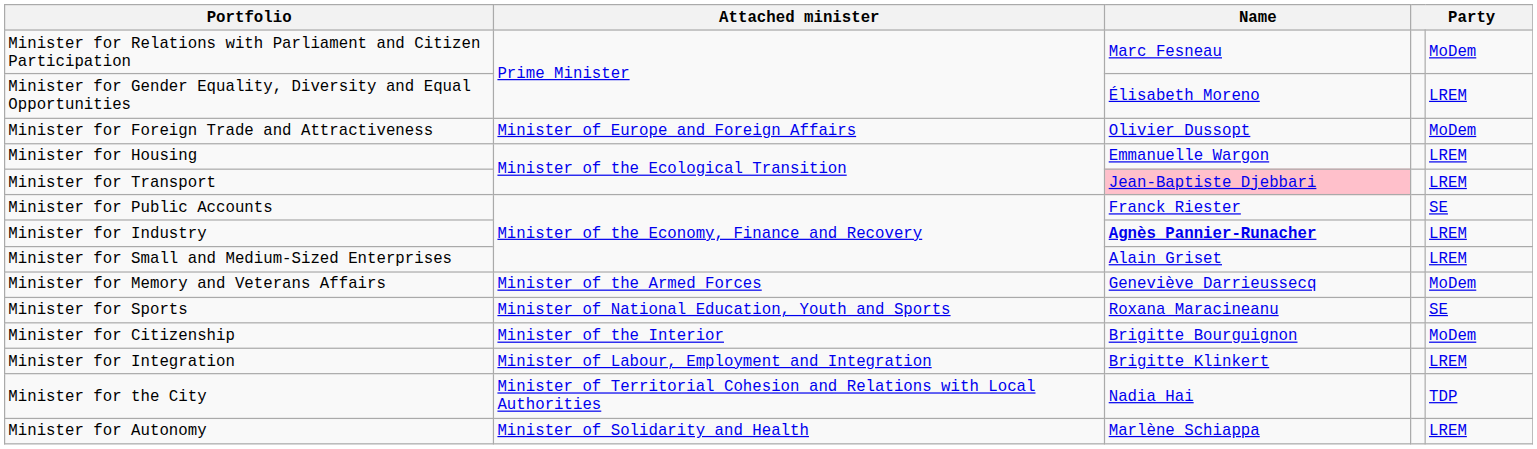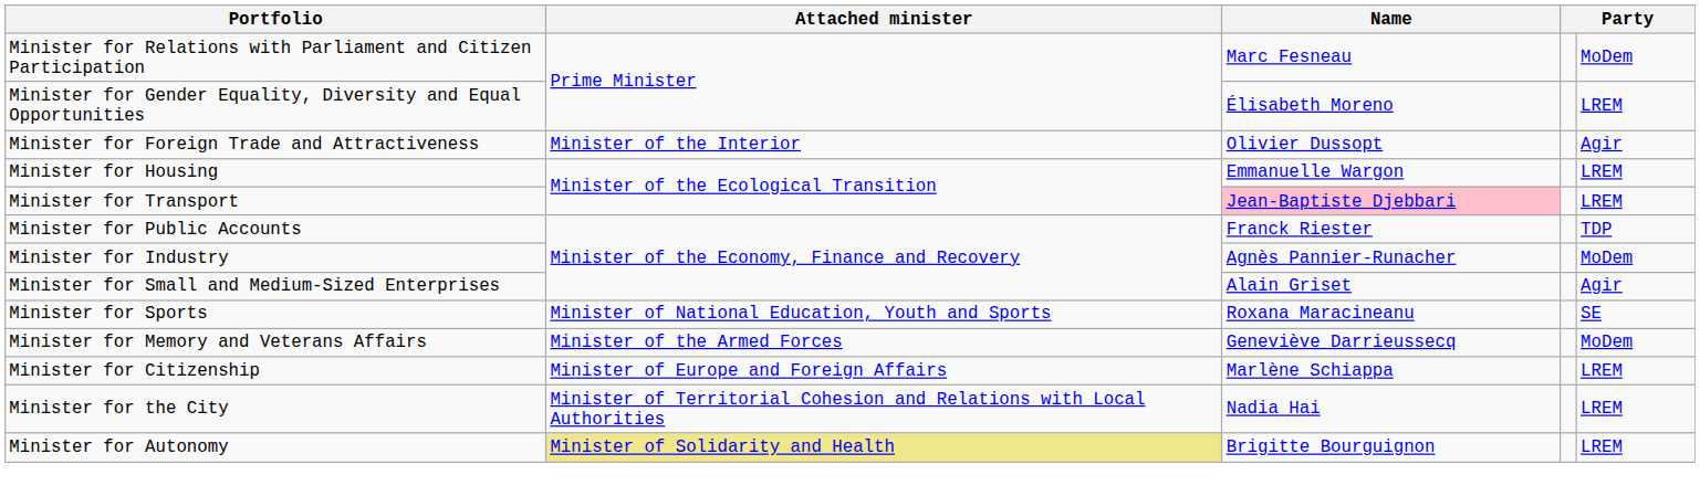 <table class="wikitable" style="width:100%">
 <tr>
 <th>Portfolio</th>
 <th style="width:40%">Attached minister</th>
 <th style="width:20%">Name</th>
 <th style="width:8%" colspan="2">Party</th>
 </tr>
 <tr>
 <td>Minister for Relations with Parliament and Citizen Participation</td>
 <td rowspan="2"><a href='#'>Prime Minister</a></td>
 <td><a href='#'>Marc Fesneau</a></td>
 <td style="background:"></td>
 <td><a href='#'>MoDem</a></td>
 </tr>
 <tr>
 <td>Minister for Gender Equality, Diversity and Equal Opportunities</td>
 <td><a href='#'>Élisabeth Moreno</a></td>
 <td style="background:"></td>
 <td><a href='#'>LREM</a></td>
 </tr>
 <tr>
 <td>Minister for Foreign Trade and Attractiveness</td>
-<td><a href='#'>Minister of Europe and Foreign Affairs</a></td>
+<td><a href='#'>Minister of the Interior</a></td>
 <td><a href='#'>Olivier Dussopt</a></td>
 <td style="background:"></td>
-<td><a href='#'>MoDem</a></td>
+<td><a href='#'>Agir</a></td>
 </tr>
 <tr>
 <td>Minister for Housing</td>
 <td rowspan="2"><a href='#'>Minister of the Ecological Transition</a></td>
 <td><a href='#'>Emmanuelle Wargon</a></td>
 <td style="background:"></td>
 <td><a href='#'>LREM</a></td>
 </tr>
 <tr>
 <td>Minister for Transport</td>
 <td style="background: pink;"><a href='#'>Jean-Baptiste Djebbari</a></td>
 <td style="background:"></td>
 <td><a href='#'>LREM</a></td>
 </tr>
 <tr>
 <td>Minister for Public Accounts</td>
 <td rowspan="3"><a href='#'>Minister of the Economy, Finance and Recovery</a></td>
 <td><a href='#'>Franck Riester</a></td>
 <td style="background:"></td>
-<td><a href='#'>SE</a></td>
+<td><a href='#'>TDP</a></td>
 </tr>
 <tr>
 <td>Minister for Industry</td>
-<td><strong><a href='#'>Agnès Pannier-Runacher</a></strong></td>
+<td><a href='#'>Agnès Pannier-Runacher</a></td>
 <td style="background:"></td>
-<td><a href='#'>LREM</a></td>
+<td><a href='#'>MoDem</a></td>
 </tr>
 <tr>
 <td>Minister for Small and Medium-Sized Enterprises</td>
 <td><a href='#'>Alain Griset</a></td>
 <td style="background:"></td>
-<td><a href='#'>LREM</a></td>
+<td><a href='#'>Agir</a></td>
+</tr>
+<tr>
+<td>Minister for Sports</td>
+<td><a href='#'>Minister of National Education, Youth and Sports</a></td>
+<td><a href='#'>Roxana Maracineanu</a></td>
+<td style="background:"></td>
+<td><a href='#'>SE</a></td>
 </tr>
 <tr>
 <td>Minister for Memory and Veterans Affairs</td>
 <td><a href='#'>Minister of the Armed Forces</a></td>
 <td><a href='#'>Geneviève Darrieussecq</a></td>
 <td style="background:"></td>
 <td><a href='#'>MoDem</a></td>
 </tr>
 <tr>
-<td>Minister for Sports</td>
-<td><a href='#'>Minister of National Education, Youth and Sports</a></td>
-<td><a href='#'>Roxana Maracineanu</a></td>
-<td style="background:"></td>
-<td><a href='#'>SE</a></td>
-</tr>
-<tr>
 <td>Minister for Citizenship</td>
-<td><a href='#'>Minister of the Interior</a></td>
-<td><a href='#'>Brigitte Bourguignon</a></td>
-<td style="background:"></td>
-<td><a href='#'>MoDem</a></td>
-</tr>
-<tr>
-<td>Minister for Integration</td>
-<td><a href='#'>Minister of Labour, Employment and Integration</a></td>
-<td><a href='#'>Brigitte Klinkert</a></td>
+<td><a href='#'>Minister of Europe and Foreign Affairs</a></td>
+<td><a href='#'>Marlène Schiappa</a></td>
 <td style="background:"></td>
 <td><a href='#'>LREM</a></td>
 </tr>
 <tr>
 <td>Minister for the City</td>
 <td><a href='#'>Minister of Territorial Cohesion and Relations with Local Authorities</a></td>
 <td><a href='#'>Nadia Hai</a></td>
 <td style="background:"></td>
-<td><a href='#'>TDP</a></td>
+<td><a href='#'>LREM</a></td>
 </tr>
 <tr>
 <td>Minister for Autonomy</td>
-<td><a href='#'>Minister of Solidarity and Health</a></td>
-<td><a href='#'>Marlène Schiappa</a></td>
+<td style="background: khaki;"><a href='#'>Minister of Solidarity and Health</a></td>
+<td><a href='#'>Brigitte Bourguignon</a></td>
 <td style="background:"></td>
 <td><a href='#'>LREM</a></td>
 </tr>
 </table>
